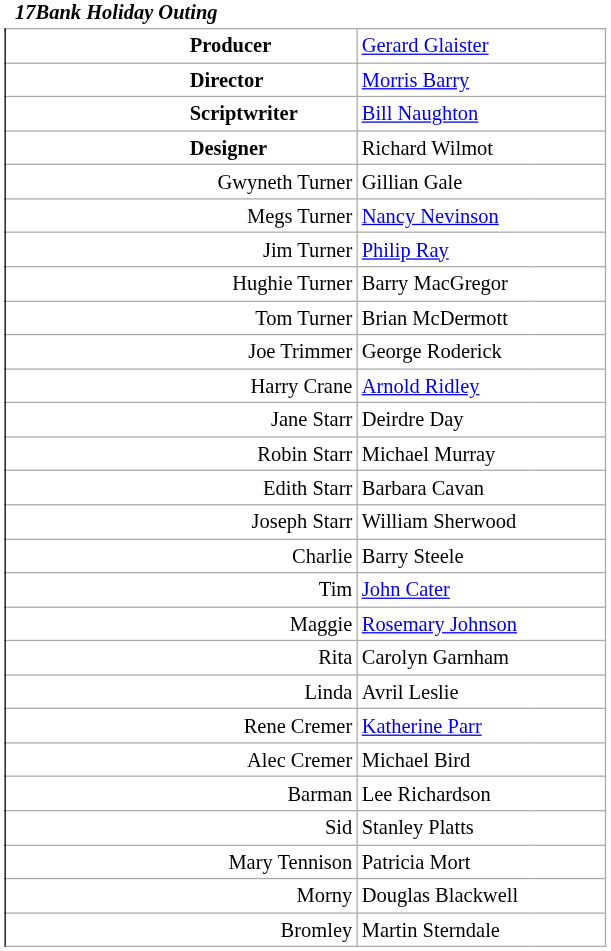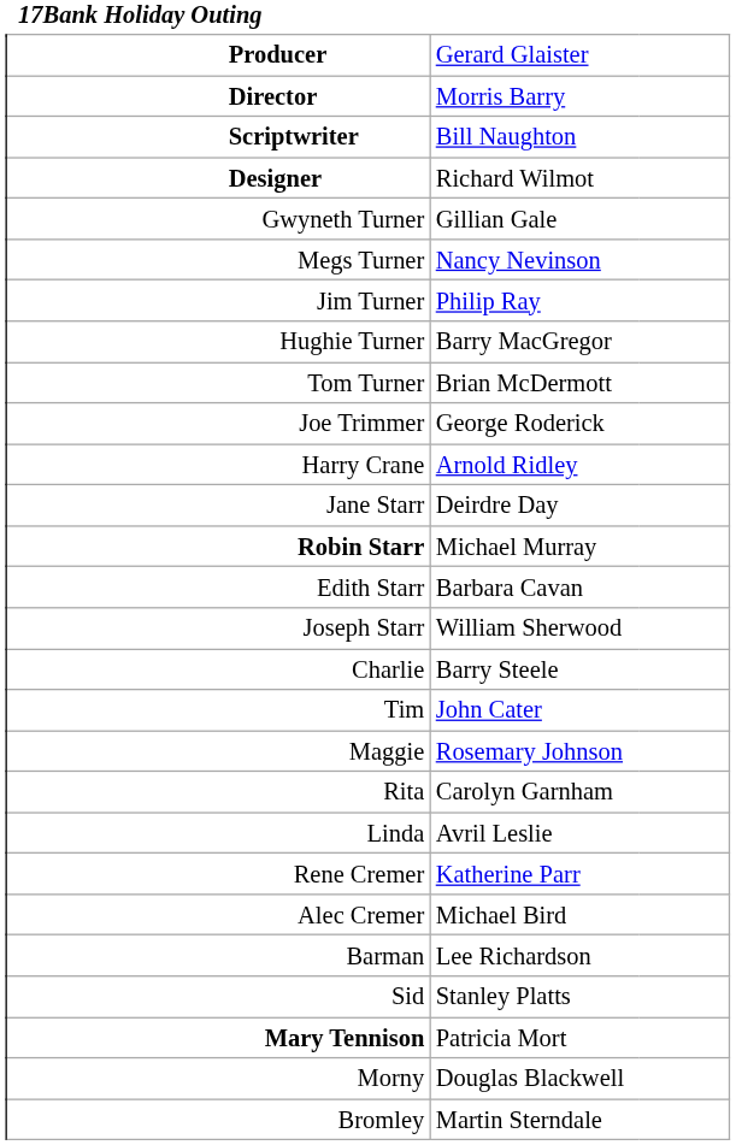 <table class="wikitable mw-collapsible mw-collapsed" style="vertical-align:top;margin:auto 2em;line-height:1.2;min-width:33em;display: inline-table;background-color:inherit;border:none;">
 <tr>
 <td class=unsortable style="border:hidden;line-height:1.67;text-align:center;margin-left:-1em;padding-left:0.5em;min-width:1.0em;"></td>
 <td class=unsortable style="border:none;padding-left:0.5em;text-align:left;min-width:16.5em;font-weight:700;font-style:italic;">17Bank Holiday Outing</td>
 <td class=unsortable style="border:none;text-align:right;font-weight:normal;font-family:Courier;font-size:95%;letter-spacing:-1pt;min-width:8.5em;padding-right:0.2em;"></td>
 <td class=unsortable style="border:hidden;min-width:3.5em;padding-left:0;"></td>
 <td class=unsortable style="border:hidden;min-width:3.5em;font-size:95%;"></td>
 </tr>
 <tr>
 <td rowspan=100 style="border:none thin;border-right-style :solid;"></td>
 </tr>
 <tr>
 <td style="text-align:left;padding-left:9.0em;font-weight:bold;">Producer</td>
 <td colspan=2><a href='#'>Gerard Glaister</a></td>
 </tr>
 <tr>
 <td style="text-align:left;padding-left:9.0em;font-weight:bold;">Director</td>
 <td colspan=2><a href='#'>Morris Barry</a></td>
 </tr>
 <tr>
 <td style="text-align:left;padding-left:9.0em;font-weight:bold;">Scriptwriter</td>
 <td colspan=2><a href='#'>Bill Naughton</a></td>
 </tr>
 <tr>
 <td style="text-align:left;padding-left:9.0em;font-weight:bold;">Designer</td>
 <td colspan=2>Richard Wilmot</td>
 </tr>
 <tr>
 <td style="text-align:right;">Gwyneth Turner</td>
 <td colspan=2>Gillian Gale</td>
 </tr>
 <tr>
 <td style="text-align:right;">Megs Turner</td>
 <td colspan=2><a href='#'>Nancy Nevinson</a></td>
 </tr>
 <tr>
 <td style="text-align:right;">Jim Turner</td>
 <td colspan=2><a href='#'>Philip Ray</a></td>
 </tr>
 <tr>
 <td style="text-align:right;">Hughie Turner</td>
 <td colspan=2>Barry MacGregor</td>
 </tr>
 <tr>
 <td style="text-align:right;">Tom Turner</td>
 <td colspan=2>Brian McDermott</td>
 </tr>
 <tr>
 <td style="text-align:right;">Joe Trimmer</td>
 <td colspan=2>George Roderick</td>
 </tr>
 <tr>
 <td style="text-align:right;">Harry Crane</td>
 <td colspan=2><a href='#'>Arnold Ridley</a></td>
 </tr>
 <tr>
 <td style="text-align:right;">Jane Starr</td>
 <td colspan=2>Deirdre Day</td>
 </tr>
 <tr>
-<td style="text-align:right;">Robin Starr</td>
+<td style="text-align:right;"><strong>Robin Starr</strong></td>
 <td colspan=2>Michael Murray</td>
 </tr>
 <tr>
 <td style="text-align:right;">Edith Starr</td>
 <td colspan=2>Barbara Cavan</td>
 </tr>
 <tr>
 <td style="text-align:right;">Joseph Starr</td>
 <td colspan=2>William Sherwood</td>
 </tr>
 <tr>
 <td style="text-align:right;">Charlie</td>
 <td colspan=2>Barry Steele</td>
 </tr>
 <tr>
 <td style="text-align:right;">Tim</td>
 <td colspan=2><a href='#'>John Cater</a></td>
 </tr>
 <tr>
 <td style="text-align:right;">Maggie</td>
 <td colspan=2><a href='#'>Rosemary Johnson</a></td>
 </tr>
 <tr>
 <td style="text-align:right;">Rita</td>
 <td colspan=2>Carolyn Garnham</td>
 </tr>
 <tr>
 <td style="text-align:right;">Linda</td>
 <td colspan=2>Avril Leslie</td>
 </tr>
 <tr>
 <td style="text-align:right;">Rene Cremer</td>
 <td colspan=2><a href='#'>Katherine Parr</a></td>
 </tr>
 <tr>
 <td style="text-align:right;">Alec Cremer</td>
 <td colspan=2>Michael Bird</td>
 </tr>
 <tr>
 <td style="text-align:right;">Barman</td>
 <td colspan=2>Lee Richardson</td>
 </tr>
 <tr>
 <td style="text-align:right;">Sid</td>
 <td colspan=2>Stanley Platts</td>
 </tr>
 <tr>
-<td style="text-align:right;">Mary Tennison</td>
+<td style="text-align:right;"><strong>Mary Tennison</strong></td>
 <td colspan=2>Patricia Mort</td>
 </tr>
 <tr>
 <td style="text-align:right;">Morny</td>
 <td colspan=2>Douglas Blackwell</td>
 </tr>
 <tr>
 <td style="text-align:right;">Bromley</td>
 <td colspan=2>Martin Sterndale</td>
 </tr>
 </table>
